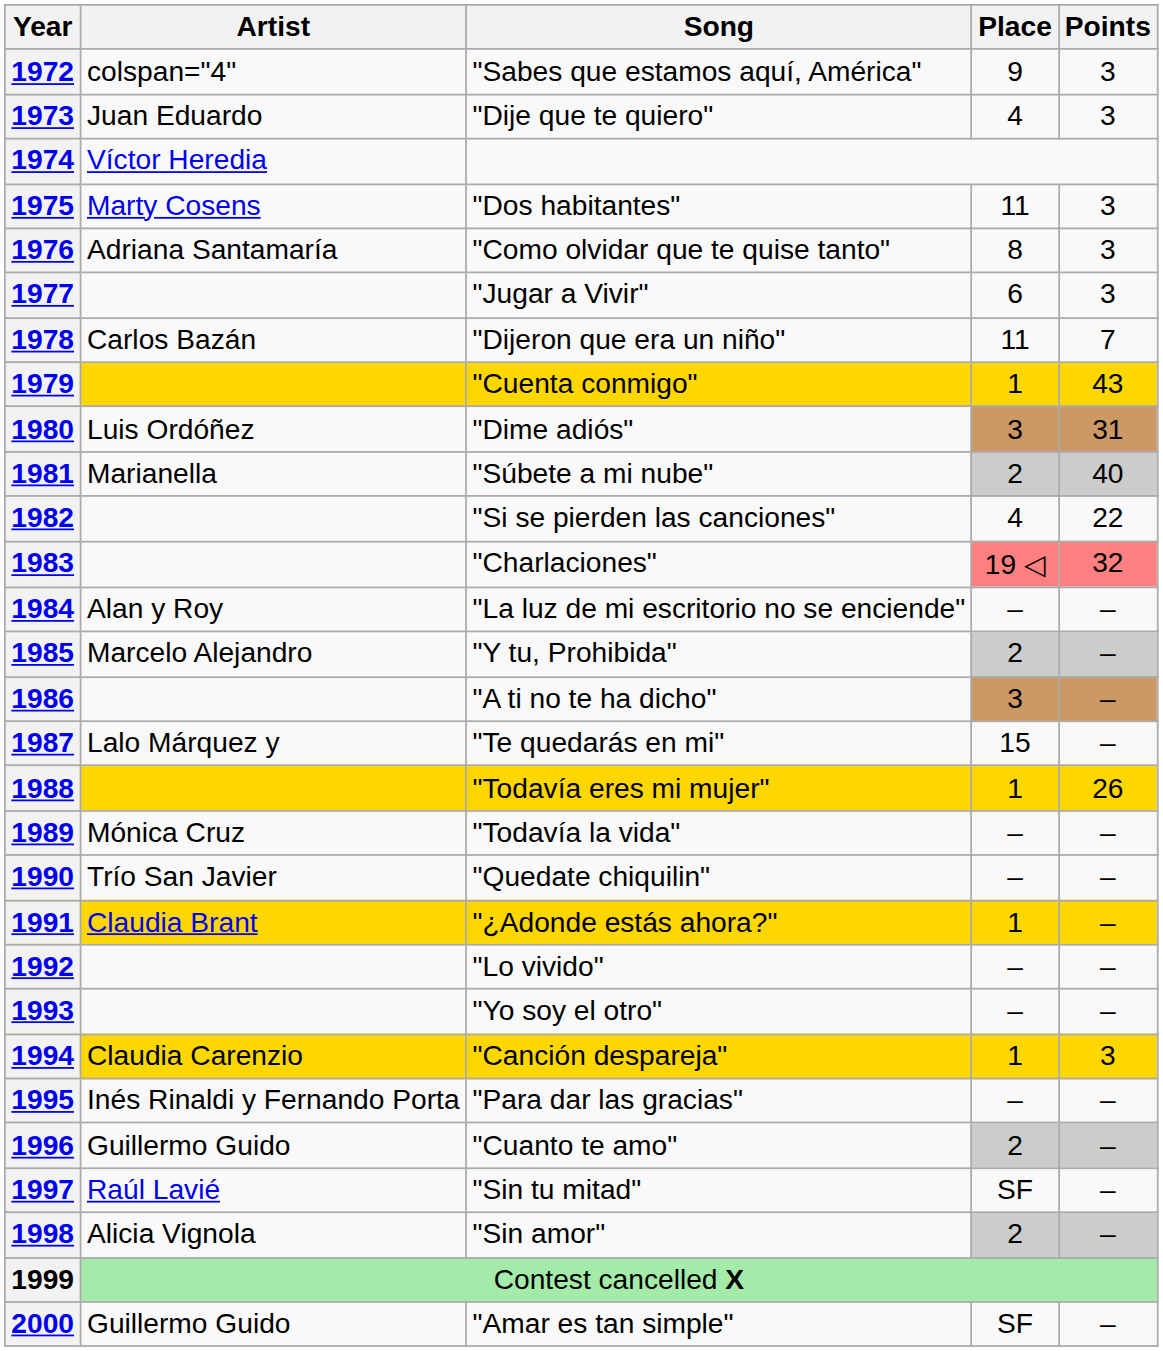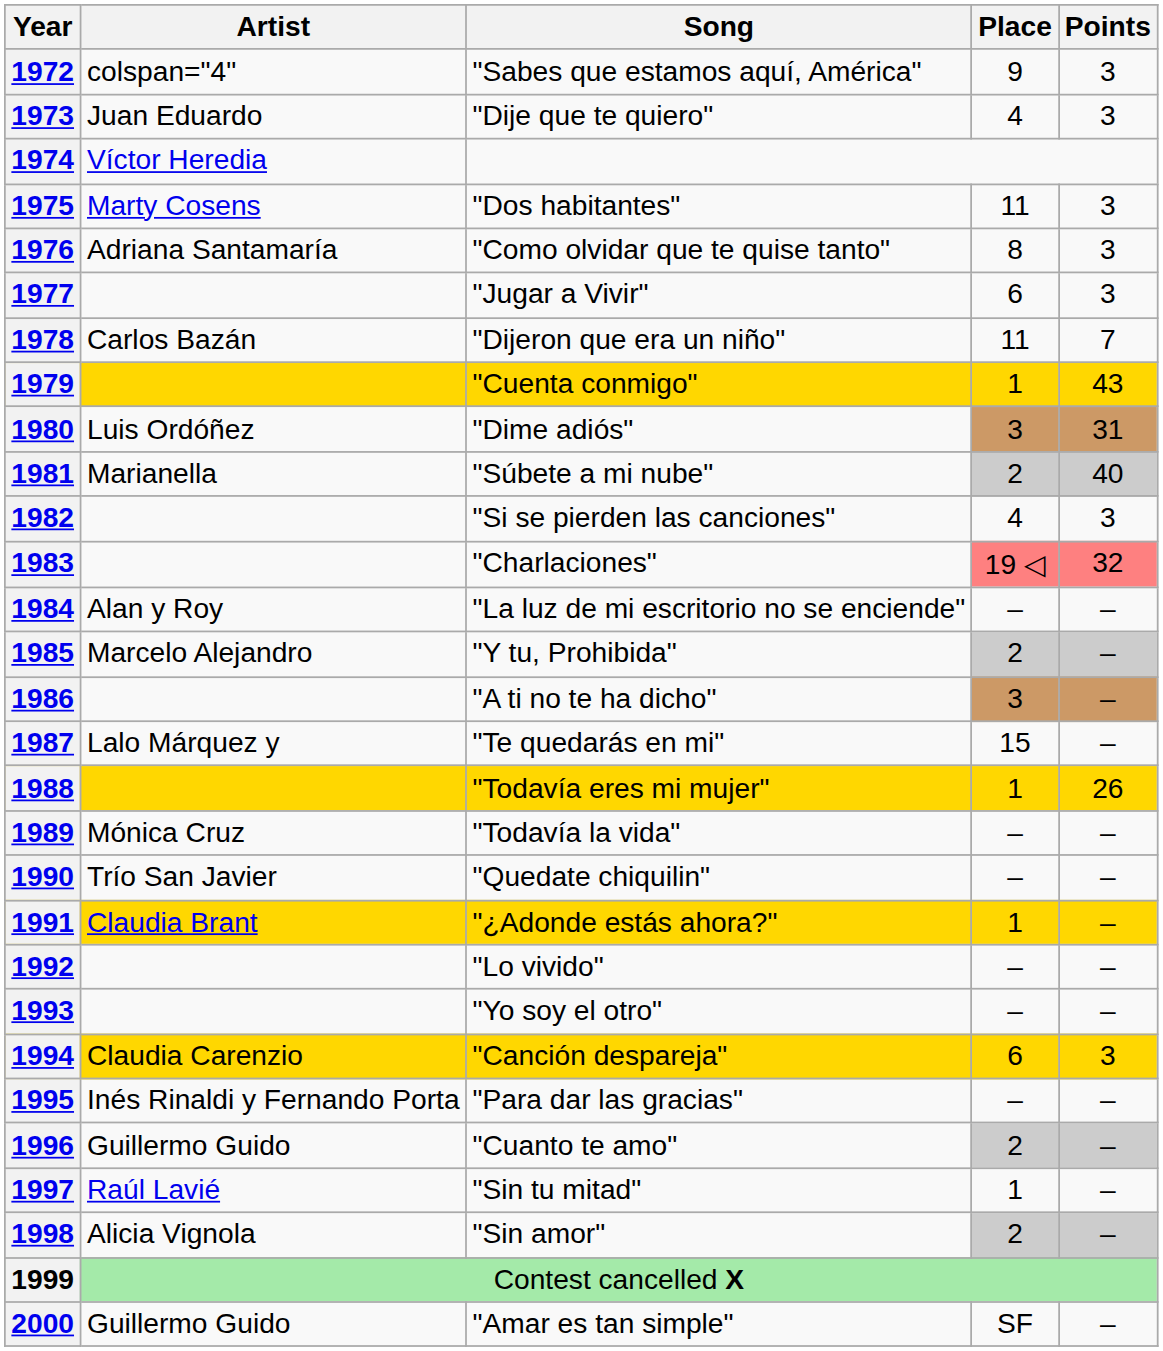 <table class="wikitable sortable plainrowheaders">
 <tr>
 <th scope="col">Year</th>
 <th scope="col">Artist</th>
 <th scope="col">Song</th>
 <th scope="col" data-sort-type="number">Place</th>
 <th scope="col" data-sort-type="number">Points</th>
 </tr>
 <tr>
 <th scope="row" style="text-align:center;"><a href='#'>1972</a></th>
 <td>colspan="4" </td>
 <td>"Sabes que estamos aquí, América"</td>
 <td style="text-align:center;">9</td>
 <td style="text-align:center;">3</td>
 </tr>
 <tr>
 <th scope="row" style="text-align:center;"><a href='#'>1973</a></th>
 <td>Juan Eduardo</td>
 <td>"Dije que te quiero"</td>
 <td style="text-align:center;">4</td>
 <td style="text-align:center;">3</td>
 </tr>
 <tr>
 <th scope="row" style="text-align:center;"><a href='#'>1974</a></th>
 <td><a href='#'>Víctor Heredia</a></td>
 </tr>
 <tr>
 <th scope="row" style="text-align:center;"><a href='#'>1975</a></th>
 <td><a href='#'>Marty Cosens</a></td>
 <td>"Dos habitantes"</td>
 <td style="text-align:center;">11</td>
 <td style="text-align:center;">3</td>
 </tr>
 <tr>
 <th scope="row" style="text-align:center;"><a href='#'>1976</a></th>
 <td>Adriana Santamaría</td>
 <td>"Como olvidar que te quise tanto"</td>
 <td style="text-align:center;">8</td>
 <td style="text-align:center;">3</td>
 </tr>
 <tr>
 <th scope="row" style="text-align:center;"><a href='#'>1977</a></th>
 <td></td>
 <td>"Jugar a Vivir"</td>
 <td style="text-align:center;">6</td>
 <td style="text-align:center;">3</td>
 </tr>
 <tr>
 <th scope="row" style="text-align:center;"><a href='#'>1978</a></th>
 <td>Carlos Bazán</td>
 <td>"Dijeron que era un niño"</td>
 <td style="text-align:center;">11</td>
 <td style="text-align:center;">7</td>
 </tr>
 <tr bgcolor="#FFD700">
 <th scope="row" style="text-align:center;"><a href='#'>1979</a></th>
 <td></td>
 <td>"Cuenta conmigo"</td>
 <td style="text-align:center;">1</td>
 <td style="text-align:center;">43</td>
 </tr>
 <tr>
 <th scope="row" style="text-align:center;"><a href='#'>1980</a></th>
 <td>Luis Ordóñez</td>
 <td>"Dime adiós"</td>
 <td style="text-align:center; background-color:#C96;">3</td>
 <td style="text-align:center; background-color:#C96;">31</td>
 </tr>
 <tr>
 <th scope="row" style="text-align:center;"><a href='#'>1981</a></th>
 <td>Marianella</td>
 <td>"Súbete a mi nube"</td>
 <td style="text-align:center; background-color:#CCC;">2</td>
 <td style="text-align:center; background-color:#CCC;">40</td>
 </tr>
 <tr>
 <th scope="row" style="text-align:center;"><a href='#'>1982</a></th>
 <td></td>
 <td>"Si se pierden las canciones"</td>
 <td style="text-align:center;">4</td>
-<td style="text-align:center;">22</td>
+<td style="text-align:center;">3</td>
 </tr>
 <tr>
 <th scope="row" style="text-align:center;"><a href='#'>1983</a></th>
 <td></td>
 <td>"Charlaciones"</td>
 <td style="text-align:center; background-color:#FE8080;">19 ◁</td>
 <td style="text-align:center; background-color:#FE8080;">32</td>
 </tr>
 <tr>
 <th scope="row" style="text-align:center;"><a href='#'>1984</a></th>
 <td>Alan y Roy</td>
 <td>"La luz de mi escritorio no se enciende"</td>
 <td style="text-align:center;">–</td>
 <td style="text-align:center;">–</td>
 </tr>
 <tr>
 <th scope="row" style="text-align:center;"><a href='#'>1985</a></th>
 <td>Marcelo Alejandro</td>
 <td>"Y tu, Prohibida"</td>
 <td style="text-align:center; background-color:#CCC;">2</td>
 <td style="text-align:center; background-color:#CCC;">–</td>
 </tr>
 <tr>
 <th scope="row" style="text-align:center;"><a href='#'>1986</a></th>
 <td></td>
 <td>"A ti no te ha dicho"</td>
 <td style="text-align:center; background-color:#C96;">3</td>
 <td style="text-align:center; background-color:#C96;">–</td>
 </tr>
 <tr>
 <th scope="row" style="text-align:center;"><a href='#'>1987</a></th>
 <td>Lalo Márquez y </td>
 <td>"Te quedarás en mi"</td>
 <td style="text-align:center;">15</td>
 <td style="text-align:center;">–</td>
 </tr>
 <tr bgcolor="#FFD700">
 <th scope="row" style="text-align:center;"><a href='#'>1988</a></th>
 <td></td>
 <td>"Todavía eres mi mujer"</td>
 <td style="text-align:center;">1</td>
 <td style="text-align:center;">26</td>
 </tr>
 <tr>
 <th scope="row" style="text-align:center;"><a href='#'>1989</a></th>
 <td>Mónica Cruz</td>
 <td>"Todavía la vida"</td>
 <td style="text-align:center;">–</td>
 <td style="text-align:center;">–</td>
 </tr>
 <tr>
 <th scope="row" style="text-align:center;"><a href='#'>1990</a></th>
 <td>Trío San Javier</td>
 <td>"Quedate chiquilin"</td>
 <td style="text-align:center;">–</td>
 <td style="text-align:center;">–</td>
 </tr>
 <tr bgcolor="#FFD700">
 <th scope="row" style="text-align:center;"><a href='#'>1991</a></th>
 <td><a href='#'>Claudia Brant</a></td>
 <td>"¿Adonde estás ahora?"</td>
 <td style="text-align:center;">1</td>
 <td style="text-align:center;">–</td>
 </tr>
 <tr>
 <th scope="row" style="text-align:center;"><a href='#'>1992</a></th>
 <td></td>
 <td>"Lo vivido"</td>
 <td style="text-align:center;">–</td>
 <td style="text-align:center;">–</td>
 </tr>
 <tr>
 <th scope="row" style="text-align:center;"><a href='#'>1993</a></th>
 <td></td>
 <td>"Yo soy el otro"</td>
 <td style="text-align:center;">–</td>
 <td style="text-align:center;">–</td>
 </tr>
 <tr bgcolor="#FFD700">
 <th scope="row" style="text-align:center;"><a href='#'>1994</a></th>
 <td>Claudia Carenzio</td>
 <td>"Canción despareja"</td>
-<td style="text-align:center;">1</td>
+<td style="text-align:center;">6</td>
 <td style="text-align:center;">3</td>
 </tr>
 <tr>
 <th scope="row" style="text-align:center;"><a href='#'>1995</a></th>
 <td>Inés Rinaldi y Fernando Porta</td>
 <td>"Para dar las gracias"</td>
 <td style="text-align:center;">–</td>
 <td style="text-align:center;">–</td>
 </tr>
 <tr>
 <th scope="row" style="text-align:center;"><a href='#'>1996</a></th>
 <td>Guillermo Guido</td>
 <td>"Cuanto te amo"</td>
 <td style="text-align:center; background-color:#CCC;">2</td>
 <td style="text-align:center; background-color:#CCC;">–</td>
 </tr>
 <tr>
 <th scope="row" style="text-align:center;"><a href='#'>1997</a></th>
 <td><a href='#'>Raúl Lavié</a></td>
 <td>"Sin tu mitad"</td>
-<td style="text-align:center;">SF</td>
+<td style="text-align:center;">1</td>
 <td style="text-align:center;">–</td>
 </tr>
 <tr>
 <th scope="row" style="text-align:center;"><a href='#'>1998</a></th>
 <td>Alicia Vignola</td>
 <td>"Sin amor"</td>
 <td style="text-align:center; background-color:#CCC;">2</td>
 <td style="text-align:center; background-color:#CCC;">–</td>
 </tr>
 <tr style="background-color:#A4EAA9;">
 <th scope="row" style="text-align:center;">1999</th>
 <td colspan="4" style="text-align:center;">Contest cancelled <strong>X</strong></td>
 </tr>
 <tr>
 <th scope="row" style="text-align:center;"><a href='#'>2000</a></th>
 <td>Guillermo Guido</td>
 <td>"Amar es tan simple"</td>
 <td style="text-align:center;">SF</td>
 <td style="text-align:center;">–</td>
 </tr>
 </table>
